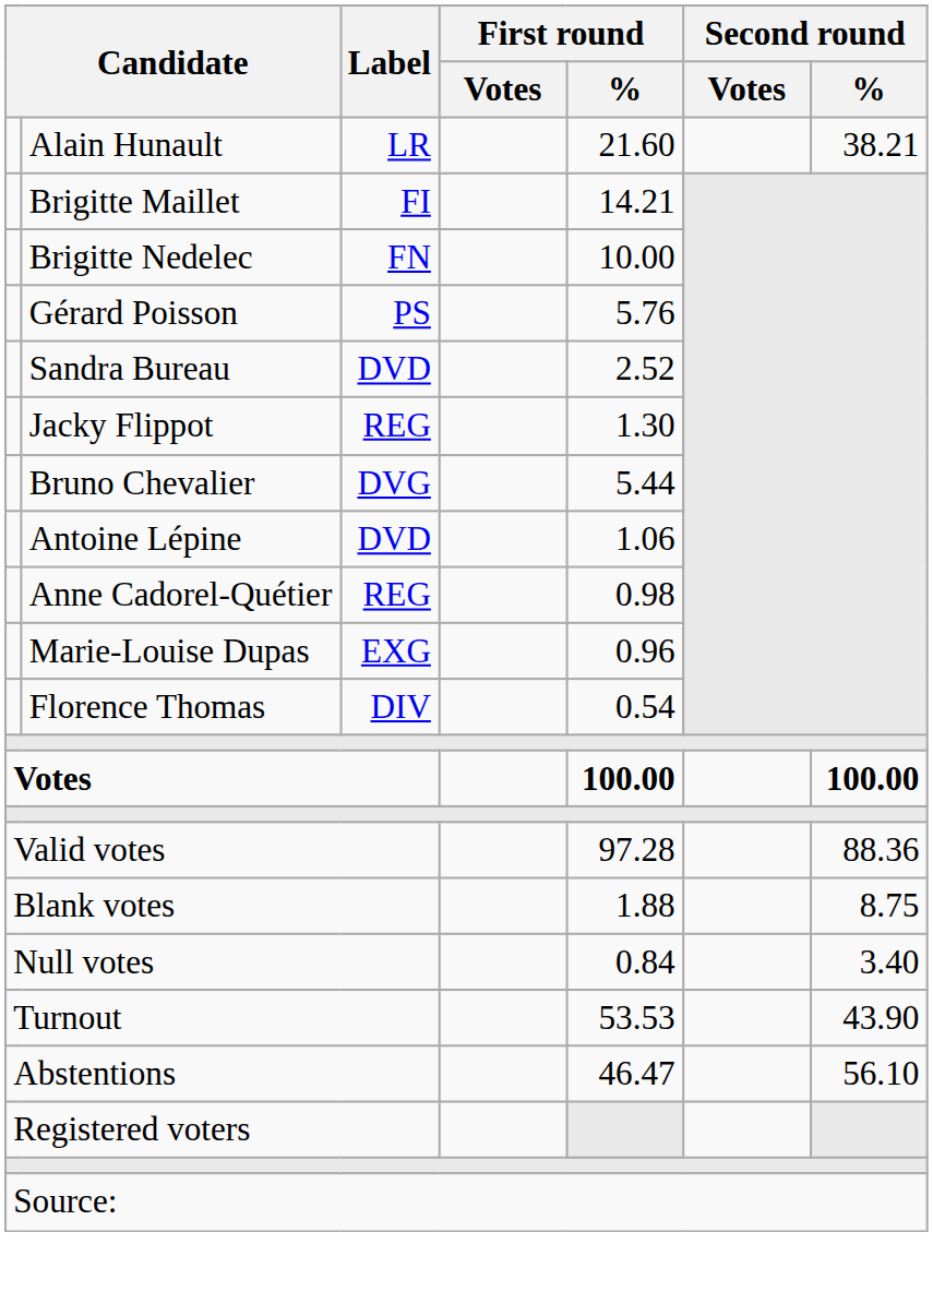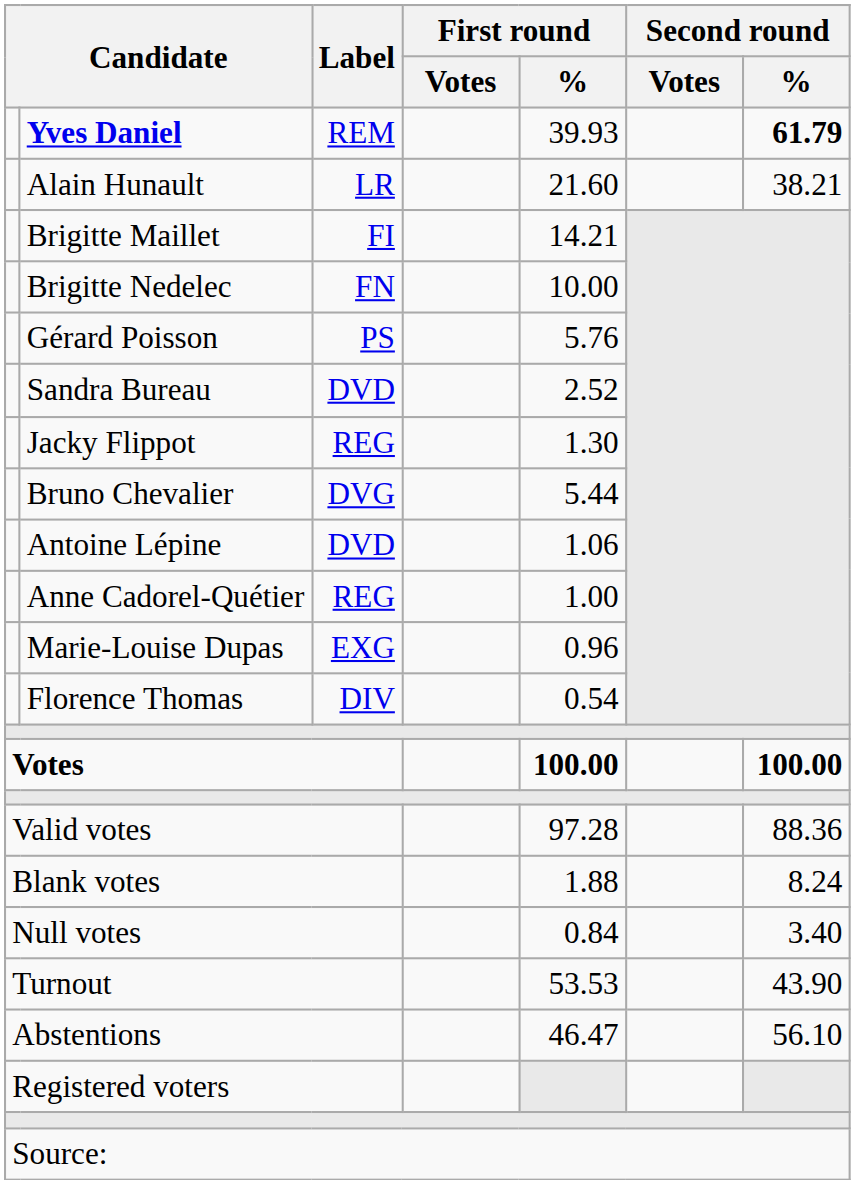 <table class="wikitable" style="text-align:right;font-size:95%;">
 <tr>
 <th rowspan="2" colspan="2">Candidate</th>
 <th rowspan="2">Label</th>
 <th colspan="2">First round</th>
 <th colspan="2">Second round</th>
 </tr>
 <tr>
 <th style="width:50px;">Votes</th>
 <th style="width:45px;">%</th>
 <th style="width:50px;">Votes</th>
 <th style="width:45px;">%</th>
+</tr>
+<tr>
+<td style="color:inherit;background:"></td>
+<td style="text-align:left;"><strong><a href='#'>Yves Daniel</a></strong></td>
+<td><a href='#'>REM</a></td>
+<td></td>
+<td>39.93</td>
+<td><strong></strong></td>
+<td><strong>61.79</strong></td>
 </tr>
 <tr>
 <td style="color:inherit;background:"></td>
 <td style="text-align:left;">Alain Hunault</td>
 <td><a href='#'>LR</a></td>
 <td></td>
 <td>21.60</td>
 <td></td>
 <td>38.21</td>
 </tr>
 <tr>
 <td style="color:inherit;background:"></td>
 <td style="text-align:left;">Brigitte Maillet</td>
 <td><a href='#'>FI</a></td>
 <td></td>
 <td>14.21</td>
 <td colspan="2" rowspan="10" style="background:#E9E9E9;"></td>
 </tr>
 <tr>
 <td style="color:inherit;background:"></td>
 <td style="text-align:left;">Brigitte Nedelec</td>
 <td><a href='#'>FN</a></td>
 <td></td>
 <td>10.00</td>
 </tr>
 <tr>
 <td style="color:inherit;background:"></td>
 <td style="text-align:left;">Gérard Poisson</td>
 <td><a href='#'>PS</a></td>
 <td></td>
 <td>5.76</td>
 </tr>
 <tr>
 <td style="color:inherit;background:"></td>
 <td style="text-align:left;">Sandra Bureau</td>
 <td><a href='#'>DVD</a></td>
 <td></td>
 <td>2.52</td>
 </tr>
 <tr>
 <td style="color:inherit;background:"></td>
 <td style="text-align:left;">Jacky Flippot</td>
 <td><a href='#'>REG</a></td>
 <td></td>
 <td>1.30</td>
 </tr>
 <tr>
 <td style="color:inherit;background:"></td>
 <td style="text-align:left;">Bruno Chevalier</td>
 <td><a href='#'>DVG</a></td>
 <td></td>
 <td>5.44</td>
 </tr>
 <tr>
 <td style="color:inherit;background:"></td>
 <td style="text-align:left;">Antoine Lépine</td>
 <td><a href='#'>DVD</a></td>
 <td></td>
 <td>1.06</td>
 </tr>
 <tr>
 <td style="color:inherit;background:"></td>
 <td style="text-align:left;">Anne Cadorel-Quétier</td>
 <td><a href='#'>REG</a></td>
 <td></td>
-<td>0.98</td>
+<td>1.00</td>
 </tr>
 <tr>
 <td style="color:inherit;background:"></td>
 <td style="text-align:left;">Marie-Louise Dupas</td>
 <td><a href='#'>EXG</a></td>
 <td></td>
 <td>0.96</td>
 </tr>
 <tr>
 <td style="color:inherit;background:"></td>
 <td style="text-align:left;">Florence Thomas</td>
 <td><a href='#'>DIV</a></td>
 <td></td>
 <td>0.54</td>
 </tr>
 <tr>
 <td colspan="7" style="background:#E9E9E9;"></td>
 </tr>
 <tr style="font-weight:bold;">
 <td colspan="3" style="text-align:left;">Votes</td>
 <td></td>
 <td>100.00</td>
 <td></td>
 <td>100.00</td>
 </tr>
 <tr>
 <td colspan="7" style="background:#E9E9E9;"></td>
 </tr>
 <tr>
 <td colspan="3" style="text-align:left;">Valid votes</td>
 <td></td>
 <td>97.28</td>
 <td></td>
 <td>88.36</td>
 </tr>
 <tr>
 <td colspan="3" style="text-align:left;">Blank votes</td>
 <td></td>
 <td>1.88</td>
 <td></td>
-<td>8.75</td>
+<td>8.24</td>
 </tr>
 <tr>
 <td colspan="3" style="text-align:left;">Null votes</td>
 <td></td>
 <td>0.84</td>
 <td></td>
 <td>3.40</td>
 </tr>
 <tr>
 <td colspan="3" style="text-align:left;">Turnout</td>
 <td></td>
 <td>53.53</td>
 <td></td>
 <td>43.90</td>
 </tr>
 <tr>
 <td colspan="3" style="text-align:left;">Abstentions</td>
 <td></td>
 <td>46.47</td>
 <td></td>
 <td>56.10</td>
 </tr>
 <tr>
 <td colspan="3" style="text-align:left;">Registered voters</td>
 <td></td>
 <td style="color:inherit;background:#E9E9E9;"></td>
 <td></td>
 <td style="color:inherit;background:#E9E9E9;"></td>
 </tr>
 <tr>
 <td colspan="7" style="background:#E9E9E9;"></td>
 </tr>
 <tr>
 <td colspan="7" style="text-align:left;">Source: </td>
 </tr>
 </table>
